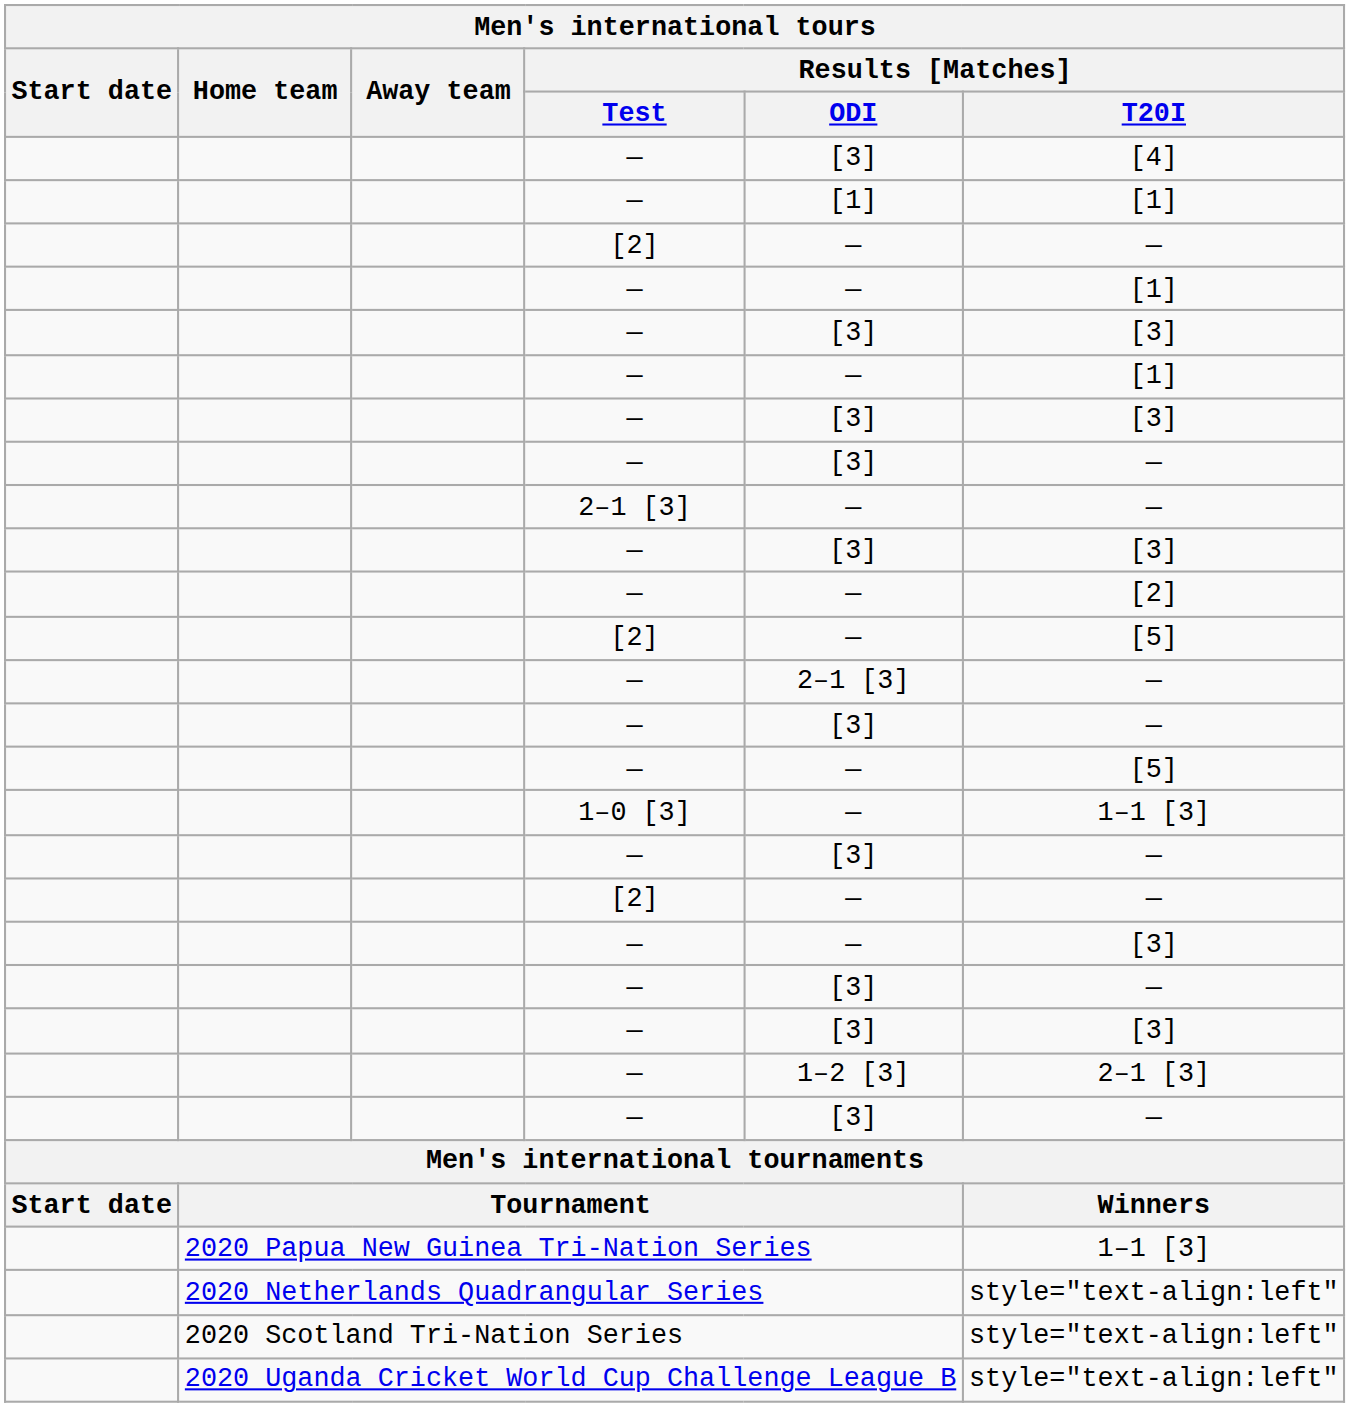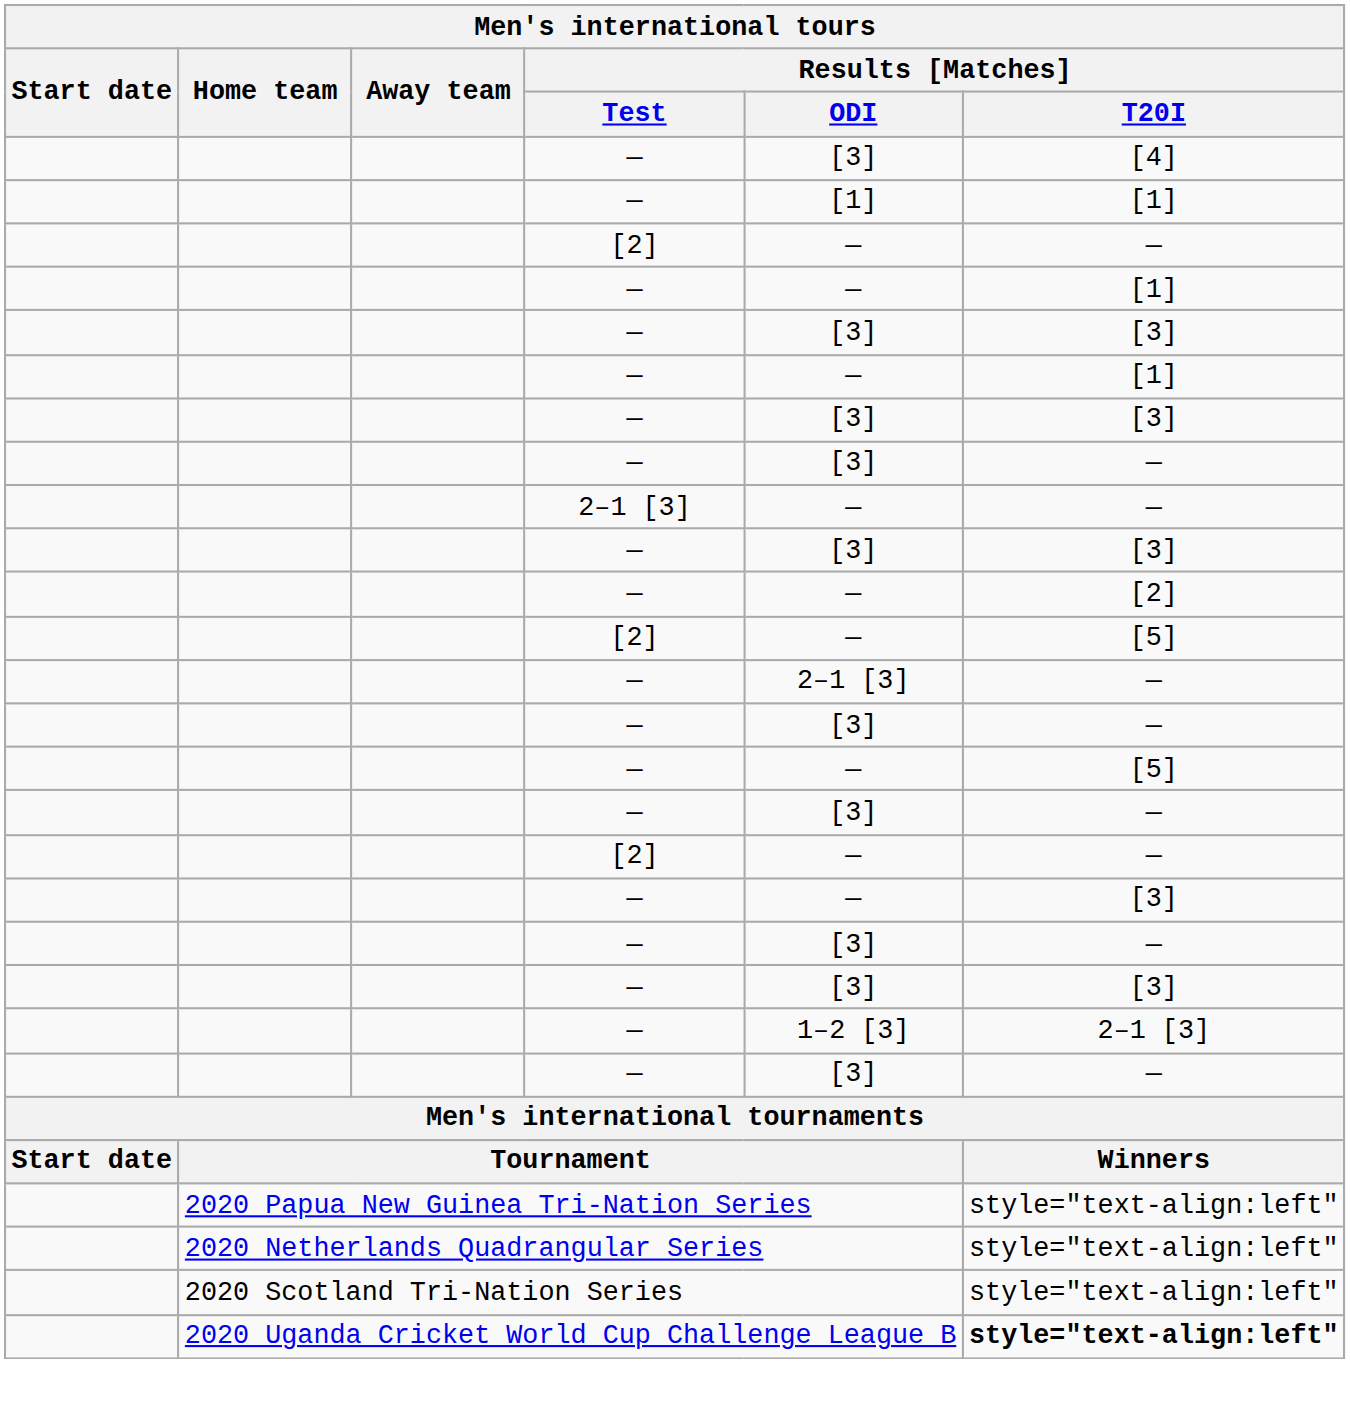 <table class="wikitable ubsortable" style="text-align:center; white-space:nowrap">
 <tr>
 <th colspan=6>Men's international tours</th>
 </tr>
 <tr>
 <th rowspan=2>Start date</th>
 <th rowspan=2>Home team</th>
 <th rowspan=2>Away team</th>
 <th colspan=3>Results [Matches]</th>
 </tr>
 <tr>
 <th width=100><a href='#'>Test</a></th>
 <th width=100><a href='#'>ODI</a></th>
 <th width=100><a href='#'>T20I</a></th>
 </tr>
 <tr>
 <td style="text-align:left"><a href='#'></a></td>
 <td style="text-align:left"> </td>
 <td style="text-align:left"></td>
 <td>—</td>
 <td>[3]</td>
 <td>[4]</td>
 </tr>
 <tr>
 <td style="text-align:left"><a href='#'></a></td>
 <td style="text-align:left"></td>
 <td style="text-align:left"></td>
 <td>—</td>
 <td>[1]</td>
 <td>[1]</td>
 </tr>
 <tr>
 <td style="text-align:left"><a href='#'></a></td>
 <td style="text-align:left"></td>
 <td style="text-align:left"></td>
 <td>[2]</td>
 <td>—</td>
 <td>—</td>
 </tr>
 <tr>
 <td style="text-align:left"><a href='#'></a></td>
 <td style="text-align:left"></td>
 <td style="text-align:left"></td>
 <td>—</td>
 <td>—</td>
 <td>[1]</td>
 </tr>
 <tr>
 <td style="text-align:left"><a href='#'></a></td>
 <td style="text-align:left"></td>
 <td style="text-align:left"></td>
 <td>—</td>
 <td>[3]</td>
 <td>[3]</td>
 </tr>
 <tr>
 <td style="text-align:left"><a href='#'></a></td>
 <td style="text-align:left"></td>
 <td style="text-align:left"></td>
 <td>—</td>
 <td>—</td>
 <td>[1]</td>
 </tr>
 <tr>
 <td style="text-align:left"><a href='#'></a></td>
 <td style="text-align:left"></td>
 <td style="text-align:left"></td>
 <td>—</td>
 <td>[3]</td>
 <td>[3]</td>
 </tr>
 <tr>
 <td style="text-align:left"><a href='#'></a></td>
 <td style="text-align:left"></td>
 <td style="text-align:left"></td>
 <td>—</td>
 <td>[3]</td>
 <td>—</td>
 </tr>
 <tr>
 <td style="text-align:left"><a href='#'></a></td>
 <td style="text-align:left"></td>
 <td style="text-align:left"></td>
 <td>2–1 [3]</td>
 <td>—</td>
 <td>—</td>
 </tr>
 <tr>
 <td style="text-align:left"><a href='#'></a></td>
 <td style="text-align:left"></td>
 <td style="text-align:left"></td>
 <td>—</td>
 <td>[3]</td>
 <td>[3]</td>
 </tr>
 <tr>
 <td style="text-align:left"><a href='#'></a></td>
 <td style="text-align:left"></td>
 <td style="text-align:left"></td>
 <td>—</td>
 <td>—</td>
 <td>[2]</td>
 </tr>
 <tr>
 <td style="text-align:left"><a href='#'></a></td>
 <td style="text-align:left"> </td>
 <td style="text-align:left"></td>
 <td>[2]</td>
 <td>—</td>
 <td>[5]</td>
 </tr>
 <tr>
 <td style="text-align:left"><a href='#'></a></td>
 <td style="text-align:left"></td>
 <td style="text-align:left"></td>
 <td>—</td>
 <td>2–1 [3]</td>
 <td>—</td>
 </tr>
 <tr>
 <td style="text-align:left"><a href='#'></a></td>
 <td style="text-align:left"></td>
 <td style="text-align:left"></td>
 <td>—</td>
 <td>[3]</td>
 <td>—</td>
 </tr>
 <tr>
 <td style="text-align:left"><a href='#'></a></td>
 <td style="text-align:left"></td>
 <td style="text-align:left"></td>
 <td>—</td>
 <td>—</td>
 <td>[5]</td>
 </tr>
 <tr>
 <td style="text-align:left"><a href='#'></a></td>
 <td style="text-align:left"></td>
 <td style="text-align:left"></td>
-<td>1–0 [3]</td>
-<td>—</td>
-<td>1–1 [3]</td>
-</tr>
-<tr>
-<td style="text-align:left"><a href='#'></a></td>
-<td style="text-align:left"></td>
-<td style="text-align:left"></td>
 <td>—</td>
 <td>[3]</td>
 <td>—</td>
 </tr>
 <tr>
 <td style="text-align:left"><a href='#'></a></td>
 <td style="text-align:left"></td>
 <td style="text-align:left"></td>
 <td>[2]</td>
 <td>—</td>
 <td>—</td>
 </tr>
 <tr>
 <td style="text-align:left"><a href='#'></a></td>
 <td style="text-align:left"></td>
 <td style="text-align:left"></td>
 <td>—</td>
 <td>—</td>
 <td>[3]</td>
 </tr>
 <tr>
 <td style="text-align:left"><a href='#'></a></td>
 <td style="text-align:left"></td>
 <td style="text-align:left"></td>
 <td>—</td>
 <td>[3]</td>
 <td>—</td>
 </tr>
 <tr>
 <td style="text-align:left"><a href='#'></a></td>
 <td style="text-align:left"></td>
 <td style="text-align:left"></td>
 <td>—</td>
 <td>[3]</td>
 <td>[3]</td>
 </tr>
 <tr>
 <td style="text-align:left"><a href='#'></a></td>
 <td style="text-align:left"></td>
 <td style="text-align:left"></td>
 <td>—</td>
 <td>1–2 [3]</td>
 <td>2–1 [3]</td>
 </tr>
 <tr>
 <td style="text-align:left"><a href='#'></a></td>
 <td style="text-align:left"></td>
 <td style="text-align:left"></td>
 <td>—</td>
 <td>[3]</td>
 <td>—</td>
 </tr>
 <tr>
 <th colspan=6>Men's international tournaments</th>
 </tr>
 <tr>
 <th>Start date</th>
 <th colspan=4>Tournament</th>
 <th>Winners</th>
 </tr>
 <tr>
 <td style="text-align:left"><a href='#'></a></td>
 <td style="text-align:left" colspan=4> <a href='#'>2020 Papua New Guinea Tri-Nation Series</a></td>
-<td>1–1 [3]</td>
+<td>style="text-align:left" </td>
 </tr>
 <tr>
 <td style="text-align:left"><a href='#'></a></td>
 <td style="text-align:left" colspan=4> <a href='#'>2020 Netherlands Quadrangular Series</a></td>
 <td>style="text-align:left" </td>
 </tr>
 <tr>
 <td style="text-align:left"><a href='#'></a></td>
 <td style="text-align:left" colspan=4> 2020 Scotland Tri-Nation Series</td>
 <td>style="text-align:left" </td>
 </tr>
 <tr>
 <td style="text-align:left"><a href='#'></a></td>
 <td style="text-align:left" colspan=4> <a href='#'>2020 Uganda Cricket World Cup Challenge League B</a></td>
-<td>style="text-align:left" </td>
+<td><strong>style="text-align:left" </strong></td>
 </tr>
 </table>
